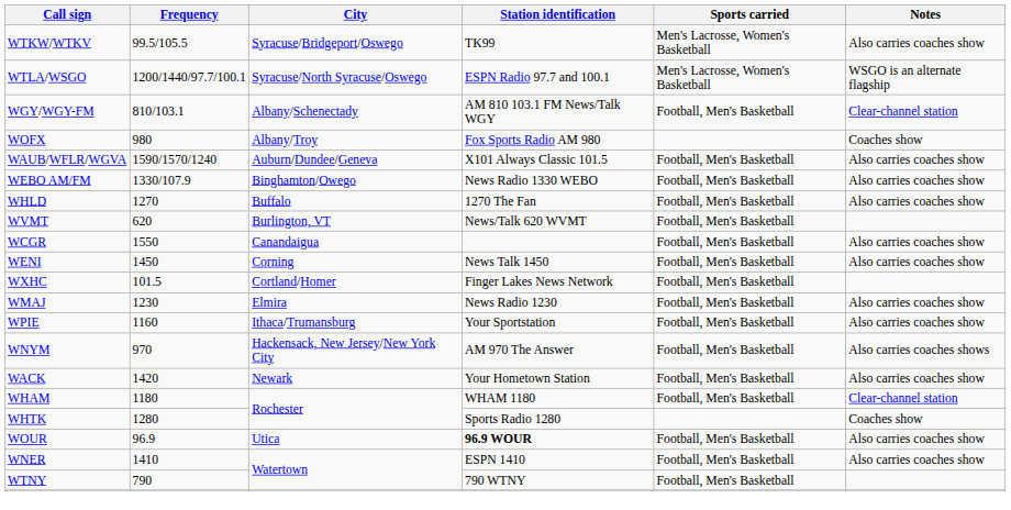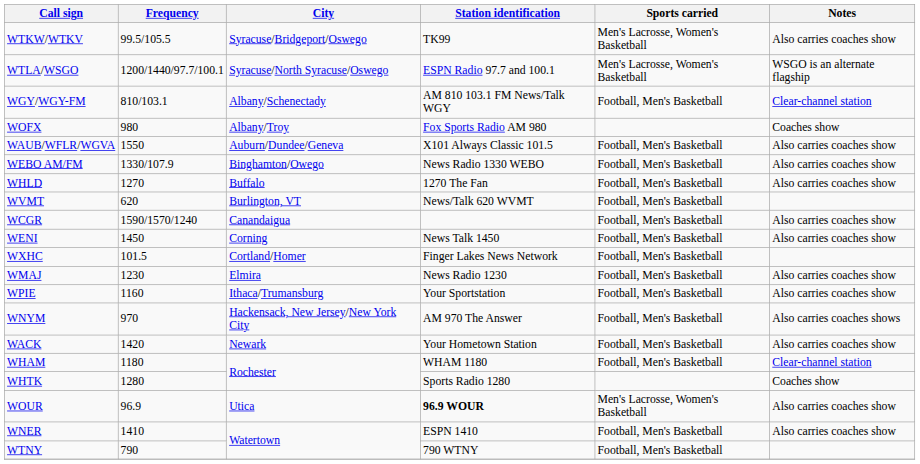 <table class="wikitable">
 <tr>
 <th><a href='#'>Call sign</a></th>
 <th><a href='#'>Frequency</a></th>
 <th><a href='#'>City</a></th>
 <th><a href='#'>Station identification</a></th>
 <th>Sports carried</th>
 <th>Notes</th>
 </tr>
 <tr>
 <td><a href='#'>WTKW</a>/<a href='#'>WTKV</a></td>
 <td>99.5/105.5</td>
 <td><a href='#'>Syracuse</a>/<a href='#'>Bridgeport</a>/<a href='#'>Oswego</a></td>
 <td>TK99</td>
 <td>Men's Lacrosse, Women's Basketball</td>
 <td>Also carries coaches show</td>
 </tr>
 <tr>
 <td><a href='#'>WTLA</a>/<a href='#'>WSGO</a></td>
 <td>1200/1440/97.7/100.1</td>
 <td><a href='#'>Syracuse</a>/<a href='#'>North Syracuse</a>/<a href='#'>Oswego</a></td>
 <td><a href='#'>ESPN Radio</a> 97.7 and 100.1</td>
 <td>Men's Lacrosse, Women's Basketball</td>
 <td>WSGO is an alternate flagship</td>
 </tr>
 <tr>
 <td><a href='#'>WGY</a>/<a href='#'>WGY-FM</a></td>
 <td>810/103.1</td>
 <td><a href='#'>Albany</a>/<a href='#'>Schenectady</a></td>
 <td>AM 810 103.1 FM News/Talk WGY</td>
 <td>Football, Men's Basketball</td>
 <td><a href='#'>Clear-channel station</a></td>
 </tr>
 <tr>
 <td><a href='#'>WOFX</a></td>
 <td>980</td>
 <td><a href='#'>Albany</a>/<a href='#'>Troy</a></td>
 <td><a href='#'>Fox Sports Radio</a> AM 980</td>
 <td></td>
 <td>Coaches show</td>
 </tr>
 <tr>
 <td><a href='#'>WAUB</a>/<a href='#'>WFLR</a>/<a href='#'>WGVA</a></td>
-<td>1590/1570/1240</td>
+<td>1550</td>
 <td><a href='#'>Auburn</a>/<a href='#'>Dundee</a>/<a href='#'>Geneva</a></td>
 <td>X101 Always Classic 101.5</td>
 <td>Football, Men's Basketball</td>
 <td>Also carries coaches show</td>
 </tr>
 <tr>
 <td><a href='#'>WEBO AM/FM</a></td>
 <td>1330/107.9</td>
 <td><a href='#'>Binghamton</a>/<a href='#'>Owego</a></td>
 <td>News Radio 1330 WEBO</td>
 <td>Football, Men's Basketball</td>
 <td>Also carries coaches show</td>
 </tr>
 <tr>
 <td><a href='#'>WHLD</a></td>
 <td>1270</td>
 <td><a href='#'>Buffalo</a></td>
 <td>1270 The Fan</td>
 <td>Football, Men's Basketball</td>
 <td>Also carries coaches show</td>
 </tr>
 <tr>
 <td><a href='#'>WVMT</a></td>
 <td>620</td>
 <td><a href='#'>Burlington, VT</a></td>
 <td>News/Talk 620 WVMT</td>
 <td>Football, Men's Basketball</td>
 <td></td>
 </tr>
 <tr>
 <td><a href='#'>WCGR</a></td>
-<td>1550</td>
+<td>1590/1570/1240</td>
 <td><a href='#'>Canandaigua</a></td>
 <td></td>
 <td>Football, Men's Basketball</td>
 <td>Also carries coaches show</td>
 </tr>
 <tr>
 <td><a href='#'>WENI</a></td>
 <td>1450</td>
 <td><a href='#'>Corning</a></td>
 <td>News Talk 1450</td>
 <td>Football, Men's Basketball</td>
 <td>Also carries coaches show</td>
 </tr>
 <tr>
 <td><a href='#'>WXHC</a></td>
 <td>101.5</td>
 <td><a href='#'>Cortland</a>/<a href='#'>Homer</a></td>
 <td>Finger Lakes News Network</td>
 <td>Football, Men's Basketball</td>
 <td></td>
 </tr>
 <tr>
 <td><a href='#'>WMAJ</a></td>
 <td>1230</td>
 <td><a href='#'>Elmira</a></td>
 <td>News Radio 1230</td>
 <td>Football, Men's Basketball</td>
 <td>Also carries coaches show</td>
 </tr>
 <tr>
 <td><a href='#'>WPIE</a></td>
 <td>1160</td>
 <td><a href='#'>Ithaca</a>/<a href='#'>Trumansburg</a></td>
 <td>Your Sportstation</td>
 <td>Football, Men's Basketball</td>
 <td>Also carries coaches show</td>
 </tr>
 <tr>
 <td><a href='#'>WNYM</a></td>
 <td>970</td>
 <td><a href='#'>Hackensack, New Jersey</a>/<a href='#'>New York City</a></td>
 <td>AM 970 The Answer</td>
 <td>Football, Men's Basketball</td>
 <td>Also carries coaches shows</td>
 </tr>
 <tr>
 <td><a href='#'>WACK</a></td>
 <td>1420</td>
 <td><a href='#'>Newark</a></td>
 <td>Your Hometown Station</td>
 <td>Football, Men's Basketball</td>
 <td>Also carries coaches show</td>
 </tr>
 <tr>
 <td><a href='#'>WHAM</a></td>
 <td>1180</td>
 <td rowspan="2"><a href='#'>Rochester</a></td>
 <td>WHAM 1180</td>
 <td>Football, Men's Basketball</td>
 <td><a href='#'>Clear-channel station</a></td>
 </tr>
 <tr>
 <td><a href='#'>WHTK</a></td>
 <td>1280</td>
 <td>Sports Radio 1280</td>
 <td></td>
 <td>Coaches show</td>
 </tr>
 <tr>
 <td><a href='#'>WOUR</a></td>
 <td>96.9</td>
 <td><a href='#'>Utica</a></td>
 <td><strong>96.9 WOUR</strong></td>
-<td>Football, Men's Basketball</td>
+<td>Men's Lacrosse, Women's Basketball</td>
 <td>Also carries coaches show</td>
 </tr>
 <tr>
 <td><a href='#'>WNER</a></td>
 <td>1410</td>
 <td rowspan="2"><a href='#'>Watertown</a></td>
 <td>ESPN 1410</td>
 <td>Football, Men's Basketball</td>
 <td>Also carries coaches show</td>
 </tr>
 <tr>
 <td><a href='#'>WTNY</a></td>
 <td>790</td>
 <td>790 WTNY</td>
 <td>Football, Men's Basketball</td>
 <td></td>
 </tr>
 <tr>
 </tr>
 </table>
